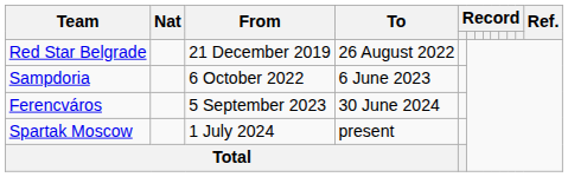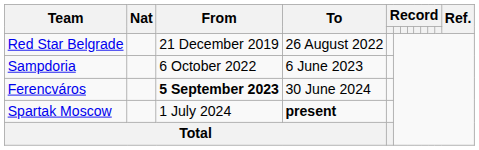 <table class="wikitable" style="text-align: center">
 <tr>
 <th rowspan="2">Team</th>
 <th rowspan="2">Nat</th>
 <th rowspan="2">From</th>
 <th rowspan="2">To</th>
 <th colspan="8">Record</th>
 <th rowspan="2">Ref.</th>
 </tr>
 <tr>
 <th></th>
 <th></th>
 <th></th>
 <th></th>
 <th></th>
 <th></th>
 <th></th>
 <th></th>
 </tr>
 <tr>
 <td align=left><a href='#'>Red Star Belgrade</a></td>
 <td></td>
 <td align=left>21 December 2019</td>
 <td align=left>26 August 2022<br></td>
 <td></td>
 </tr>
 <tr>
 <td align=left><a href='#'>Sampdoria</a></td>
 <td></td>
 <td align=left>6 October 2022</td>
 <td align=left>6 June 2023<br></td>
 <td></td>
 </tr>
 <tr>
 <td align=left><a href='#'>Ferencváros</a></td>
 <td></td>
-<td align=left>5 September 2023</td>
+<td align=left><strong>5 September 2023</strong></td>
 <td align=left>30 June 2024<br></td>
 <td></td>
 </tr>
 <tr>
 <td align=left><a href='#'>Spartak Moscow</a></td>
 <td></td>
 <td align=left>1 July 2024</td>
-<td align=left>present<br></td>
+<td align=left><strong>present<br></strong></td>
 <td></td>
 </tr>
 <tr>
 <th colspan="4">Total<br></th>
 <th></th>
 </tr>
 </table>
